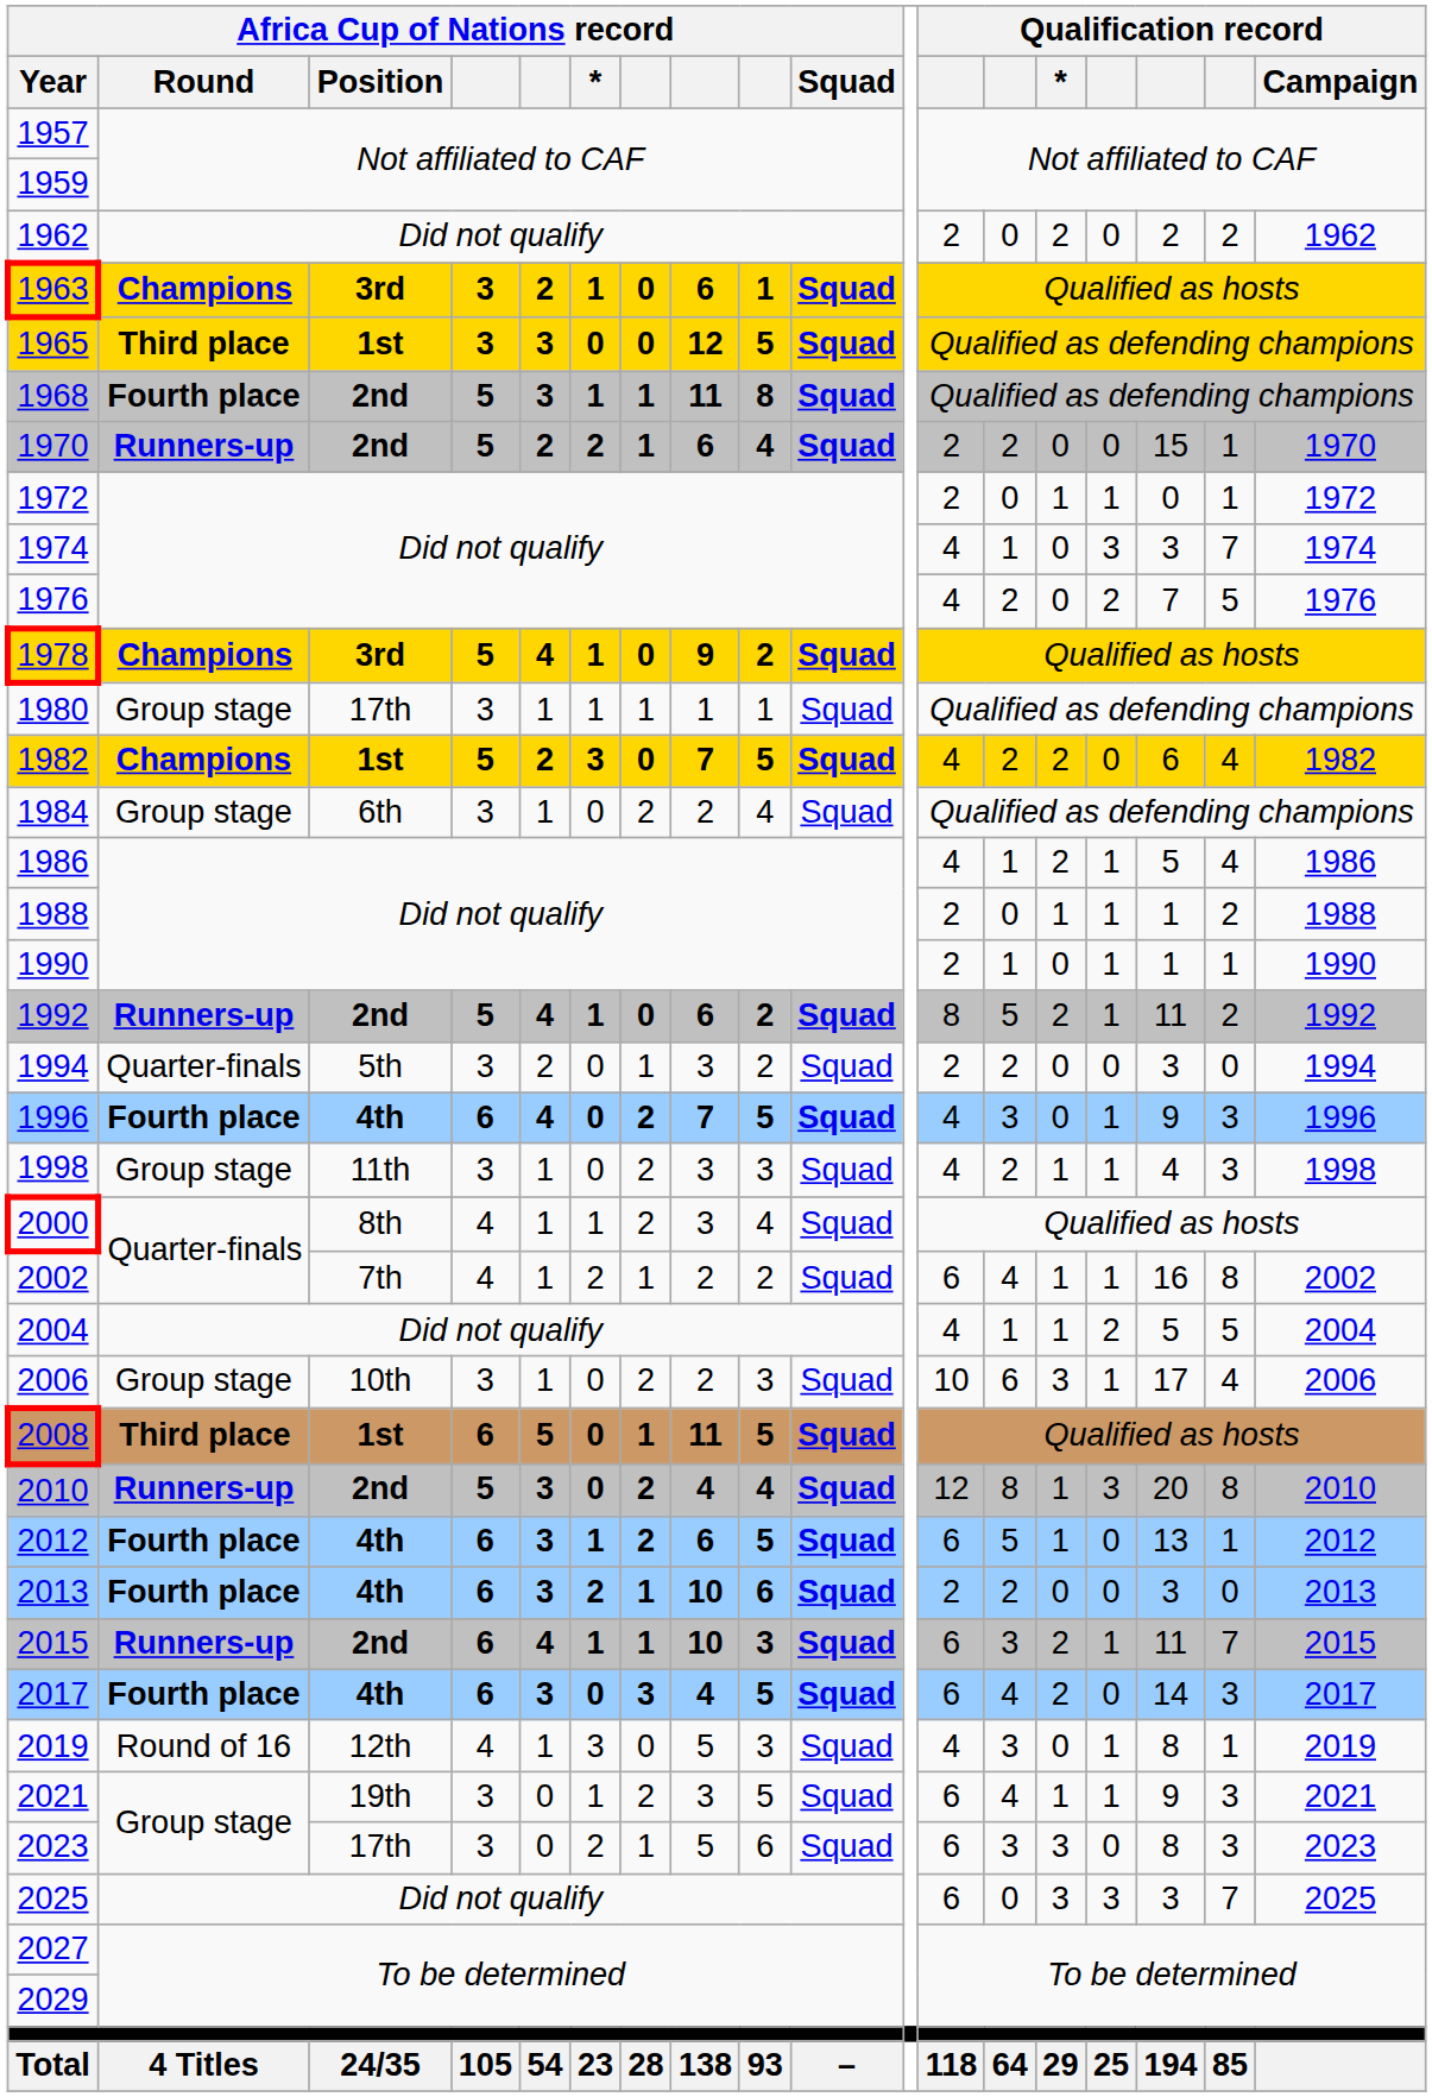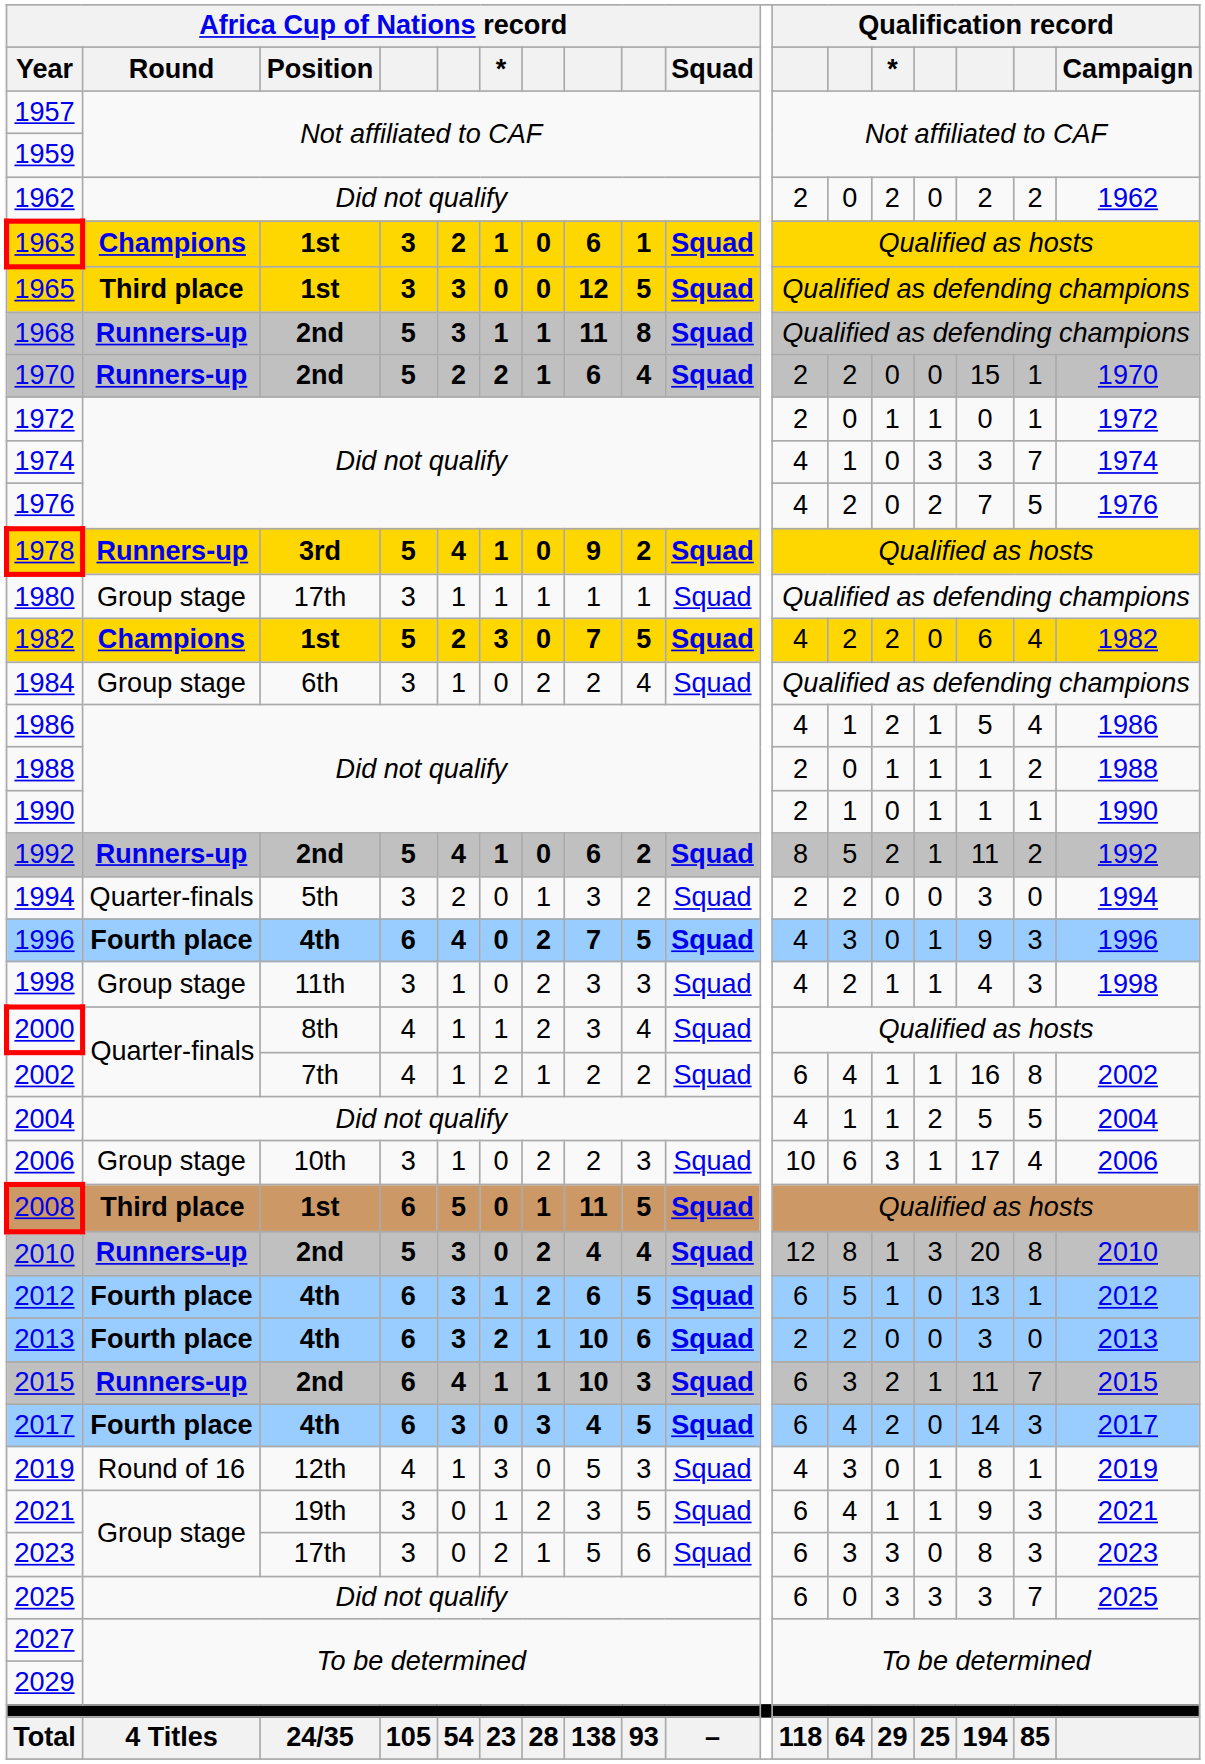 <table class="wikitable" style="text-align: center; left:100%">
 <tr>
 <th colspan=10><a href='#'>Africa Cup of Nations</a> record</th>
 <th rowspan=41 style="background:white"></th>
 <th colspan=9>Qualification record</th>
 </tr>
 <tr>
 <th>Year</th>
 <th>Round</th>
 <th>Position</th>
 <th></th>
 <th></th>
 <th>*</th>
 <th></th>
 <th></th>
 <th></th>
 <th>Squad</th>
 <th></th>
 <th></th>
 <th>*</th>
 <th></th>
 <th></th>
 <th></th>
 <th>Campaign</th>
 </tr>
 <tr>
 <td> <a href='#'>1957</a></td>
 <td colspan=9 rowspan=2><em>Not affiliated to CAF</em></td>
 <td colspan=8 rowspan=2><em>Not affiliated to CAF</em></td>
 </tr>
 <tr>
 <td> <a href='#'>1959</a></td>
 </tr>
 <tr>
 <td> <a href='#'>1962</a></td>
 <td colspan=9><em>Did not qualify</em></td>
 <td>2</td>
 <td>0</td>
 <td>2</td>
 <td>0</td>
 <td>2</td>
 <td>2</td>
 <td><a href='#'>1962</a></td>
 </tr>
 <tr bgcolor=gold>
 <td style="border: 3px solid red"> <a href='#'>1963</a></td>
 <td><strong><a href='#'>Champions</a></strong></td>
-<td><strong>3rd</strong></td>
+<td><strong>1st</strong></td>
 <td><strong>3</strong></td>
 <td><strong>2</strong></td>
 <td><strong>1</strong></td>
 <td><strong>0</strong></td>
 <td><strong>6</strong></td>
 <td><strong>1</strong></td>
 <td><strong><a href='#'>Squad</a></strong></td>
 <td colspan=9><em> Qualified as hosts</em></td>
 </tr>
 <tr bgcolor=gold>
 <td> <a href='#'>1965</a></td>
 <td><strong>Third place</strong></td>
 <td><strong>1st</strong></td>
 <td><strong>3</strong></td>
 <td><strong>3</strong></td>
 <td><strong>0</strong></td>
 <td><strong>0</strong></td>
 <td><strong>12</strong></td>
 <td><strong>5</strong></td>
 <td><strong><a href='#'>Squad</a></strong></td>
 <td colspan=9><em>Qualified as defending champions</em></td>
 </tr>
 <tr bgcolor=silver>
 <td> <a href='#'>1968</a></td>
-<td><strong>Fourth place</strong></td>
+<td><strong><a href='#'>Runners-up</a></strong></td>
 <td><strong>2nd</strong></td>
 <td><strong>5</strong></td>
 <td><strong>3</strong></td>
 <td><strong>1</strong></td>
 <td><strong>1</strong></td>
 <td><strong>11</strong></td>
 <td><strong>8</strong></td>
 <td><strong><a href='#'>Squad</a></strong></td>
 <td colspan=9><em>Qualified as defending champions</em></td>
 </tr>
 <tr bgcolor=silver>
 <td> <a href='#'>1970</a></td>
 <td><strong><a href='#'>Runners-up</a></strong></td>
 <td><strong>2nd</strong></td>
 <td><strong>5</strong></td>
 <td><strong>2</strong></td>
 <td><strong>2</strong></td>
 <td><strong>1</strong></td>
 <td><strong>6</strong></td>
 <td><strong>4</strong></td>
 <td><strong><a href='#'>Squad</a></strong></td>
 <td>2</td>
 <td>2</td>
 <td>0</td>
 <td>0</td>
 <td>15</td>
 <td>1</td>
 <td><a href='#'>1970</a></td>
 </tr>
 <tr>
 <td> <a href='#'>1972</a></td>
 <td colspan=9 rowspan=3><em>Did not qualify</em></td>
 <td>2</td>
 <td>0</td>
 <td>1</td>
 <td>1</td>
 <td>0</td>
 <td>1</td>
 <td><a href='#'>1972</a></td>
 </tr>
 <tr>
 <td> <a href='#'>1974</a></td>
 <td>4</td>
 <td>1</td>
 <td>0</td>
 <td>3</td>
 <td>3</td>
 <td>7</td>
 <td><a href='#'>1974</a></td>
 </tr>
 <tr>
 <td> <a href='#'>1976</a></td>
 <td>4</td>
 <td>2</td>
 <td>0</td>
 <td>2</td>
 <td>7</td>
 <td>5</td>
 <td><a href='#'>1976</a></td>
 </tr>
 <tr bgcolor=gold>
 <td style="border: 3px solid red"> <a href='#'>1978</a></td>
-<td><strong><a href='#'>Champions</a></strong></td>
+<td><strong><a href='#'>Runners-up</a></strong></td>
 <td><strong>3rd</strong></td>
 <td><strong>5</strong></td>
 <td><strong>4</strong></td>
 <td><strong>1</strong></td>
 <td><strong>0</strong></td>
 <td><strong>9</strong></td>
 <td><strong>2</strong></td>
 <td><strong><a href='#'>Squad</a></strong></td>
 <td colspan=9><em>Qualified as hosts</em></td>
 </tr>
 <tr>
 <td> <a href='#'>1980</a></td>
 <td>Group stage</td>
 <td>17th</td>
 <td>3</td>
 <td>1</td>
 <td>1</td>
 <td>1</td>
 <td>1</td>
 <td>1</td>
 <td><a href='#'>Squad</a></td>
 <td colspan=9><em>Qualified as defending champions</em></td>
 </tr>
 <tr bgcolor=gold>
 <td> <a href='#'>1982</a></td>
 <td><strong><a href='#'>Champions</a></strong></td>
 <td><strong>1st</strong></td>
 <td><strong>5</strong></td>
 <td><strong>2</strong></td>
 <td><strong>3</strong></td>
 <td><strong>0</strong></td>
 <td><strong>7</strong></td>
 <td><strong>5</strong></td>
 <td><strong><a href='#'>Squad</a></strong></td>
 <td>4</td>
 <td>2</td>
 <td>2</td>
 <td>0</td>
 <td>6</td>
 <td>4</td>
 <td><a href='#'>1982</a></td>
 </tr>
 <tr>
 <td> <a href='#'>1984</a></td>
 <td>Group stage</td>
 <td>6th</td>
 <td>3</td>
 <td>1</td>
 <td>0</td>
 <td>2</td>
 <td>2</td>
 <td>4</td>
 <td><a href='#'>Squad</a></td>
 <td colspan=9><em>Qualified as defending champions</em></td>
 </tr>
 <tr>
 <td> <a href='#'>1986</a></td>
 <td colspan=9 rowspan=3><em>Did not qualify</em></td>
 <td>4</td>
 <td>1</td>
 <td>2</td>
 <td>1</td>
 <td>5</td>
 <td>4</td>
 <td><a href='#'>1986</a></td>
 </tr>
 <tr>
 <td> <a href='#'>1988</a></td>
 <td>2</td>
 <td>0</td>
 <td>1</td>
 <td>1</td>
 <td>1</td>
 <td>2</td>
 <td><a href='#'>1988</a></td>
 </tr>
 <tr>
 <td> <a href='#'>1990</a></td>
 <td>2</td>
 <td>1</td>
 <td>0</td>
 <td>1</td>
 <td>1</td>
 <td>1</td>
 <td><a href='#'>1990</a></td>
 </tr>
 <tr bgcolor=silver>
 <td> <a href='#'>1992</a></td>
 <td><strong><a href='#'>Runners-up</a></strong></td>
 <td><strong>2nd</strong></td>
 <td><strong>5</strong></td>
 <td><strong>4</strong></td>
 <td><strong>1</strong></td>
 <td><strong>0</strong></td>
 <td><strong>6</strong></td>
 <td><strong>2</strong></td>
 <td><strong><a href='#'>Squad</a></strong></td>
 <td>8</td>
 <td>5</td>
 <td>2</td>
 <td>1</td>
 <td>11</td>
 <td>2</td>
 <td><a href='#'>1992</a></td>
 </tr>
 <tr>
 <td> <a href='#'>1994</a></td>
 <td>Quarter-finals</td>
 <td>5th</td>
 <td>3</td>
 <td>2</td>
 <td>0</td>
 <td>1</td>
 <td>3</td>
 <td>2</td>
 <td><a href='#'>Squad</a></td>
 <td>2</td>
 <td>2</td>
 <td>0</td>
 <td>0</td>
 <td>3</td>
 <td>0</td>
 <td><a href='#'>1994</a></td>
 </tr>
 <tr bgcolor="#9acdff">
 <td> <a href='#'>1996</a></td>
 <td><strong>Fourth place</strong></td>
 <td><strong>4th</strong></td>
 <td><strong>6</strong></td>
 <td><strong>4</strong></td>
 <td><strong>0</strong></td>
 <td><strong>2</strong></td>
 <td><strong>7</strong></td>
 <td><strong>5</strong></td>
 <td><strong><a href='#'>Squad</a></strong></td>
 <td>4</td>
 <td>3</td>
 <td>0</td>
 <td>1</td>
 <td>9</td>
 <td>3</td>
 <td><a href='#'>1996</a></td>
 </tr>
 <tr>
 <td> <a href='#'>1998</a></td>
 <td>Group stage</td>
 <td>11th</td>
 <td>3</td>
 <td>1</td>
 <td>0</td>
 <td>2</td>
 <td>3</td>
 <td>3</td>
 <td><a href='#'>Squad</a></td>
 <td>4</td>
 <td>2</td>
 <td>1</td>
 <td>1</td>
 <td>4</td>
 <td>3</td>
 <td><a href='#'>1998</a></td>
 </tr>
 <tr>
 <td style="border: 3px solid red">  <a href='#'>2000</a></td>
 <td rowspan=2>Quarter-finals</td>
 <td>8th</td>
 <td>4</td>
 <td>1</td>
 <td>1</td>
 <td>2</td>
 <td>3</td>
 <td>4</td>
 <td><a href='#'>Squad</a></td>
 <td colspan=9><em>Qualified as hosts</em></td>
 </tr>
 <tr>
 <td> <a href='#'>2002</a></td>
 <td>7th</td>
 <td>4</td>
 <td>1</td>
 <td>2</td>
 <td>1</td>
 <td>2</td>
 <td>2</td>
 <td><a href='#'>Squad</a></td>
 <td>6</td>
 <td>4</td>
 <td>1</td>
 <td>1</td>
 <td>16</td>
 <td>8</td>
 <td><a href='#'>2002</a></td>
 </tr>
 <tr>
 <td> <a href='#'>2004</a></td>
 <td colspan=9><em>Did not qualify</em></td>
 <td>4</td>
 <td>1</td>
 <td>1</td>
 <td>2</td>
 <td>5</td>
 <td>5</td>
 <td><a href='#'>2004</a></td>
 </tr>
 <tr>
 <td> <a href='#'>2006</a></td>
 <td>Group stage</td>
 <td>10th</td>
 <td>3</td>
 <td>1</td>
 <td>0</td>
 <td>2</td>
 <td>2</td>
 <td>3</td>
 <td><a href='#'>Squad</a></td>
 <td>10</td>
 <td>6</td>
 <td>3</td>
 <td>1</td>
 <td>17</td>
 <td>4</td>
 <td><a href='#'>2006</a></td>
 </tr>
 <tr bgcolor="#cc9966">
 <td style="border: 3px solid red"> <a href='#'>2008</a></td>
 <td><strong>Third place</strong></td>
 <td><strong>1st</strong></td>
 <td><strong>6</strong></td>
 <td><strong>5</strong></td>
 <td><strong>0</strong></td>
 <td><strong>1</strong></td>
 <td><strong>11</strong></td>
 <td><strong>5</strong></td>
 <td><strong><a href='#'>Squad</a></strong></td>
 <td colspan=9><em>Qualified as hosts</em></td>
 </tr>
 <tr bgcolor=silver>
 <td> <a href='#'>2010</a></td>
 <td><strong><a href='#'>Runners-up</a></strong></td>
 <td><strong>2nd</strong></td>
 <td><strong>5</strong></td>
 <td><strong>3</strong></td>
 <td><strong>0</strong></td>
 <td><strong>2</strong></td>
 <td><strong>4</strong></td>
 <td><strong>4</strong></td>
 <td><strong><a href='#'>Squad</a></strong></td>
 <td>12</td>
 <td>8</td>
 <td>1</td>
 <td>3</td>
 <td>20</td>
 <td>8</td>
 <td><a href='#'>2010</a></td>
 </tr>
 <tr bgcolor="#9acdff">
 <td>  <a href='#'>2012</a></td>
 <td><strong>Fourth place</strong></td>
 <td><strong>4th</strong></td>
 <td><strong>6</strong></td>
 <td><strong>3</strong></td>
 <td><strong>1</strong></td>
 <td><strong>2</strong></td>
 <td><strong>6</strong></td>
 <td><strong>5</strong></td>
 <td><strong><a href='#'>Squad</a></strong></td>
 <td>6</td>
 <td>5</td>
 <td>1</td>
 <td>0</td>
 <td>13</td>
 <td>1</td>
 <td><a href='#'>2012</a></td>
 </tr>
 <tr bgcolor="#9acdff">
 <td> <a href='#'>2013</a></td>
 <td><strong>Fourth place</strong></td>
 <td><strong>4th</strong></td>
 <td><strong>6</strong></td>
 <td><strong>3</strong></td>
 <td><strong>2</strong></td>
 <td><strong>1</strong></td>
 <td><strong>10</strong></td>
 <td><strong>6</strong></td>
 <td><strong><a href='#'>Squad</a></strong></td>
 <td>2</td>
 <td>2</td>
 <td>0</td>
 <td>0</td>
 <td>3</td>
 <td>0</td>
 <td><a href='#'>2013</a></td>
 </tr>
 <tr bgcolor=silver>
 <td> <a href='#'>2015</a></td>
 <td><strong><a href='#'>Runners-up</a></strong></td>
 <td><strong>2nd</strong></td>
 <td><strong>6</strong></td>
 <td><strong>4</strong></td>
 <td><strong>1</strong></td>
 <td><strong>1</strong></td>
 <td><strong>10</strong></td>
 <td><strong>3</strong></td>
 <td><strong><a href='#'>Squad</a></strong></td>
 <td>6</td>
 <td>3</td>
 <td>2</td>
 <td>1</td>
 <td>11</td>
 <td>7</td>
 <td><a href='#'>2015</a></td>
 </tr>
 <tr bgcolor="#9acdff">
 <td> <a href='#'>2017</a></td>
 <td><strong>Fourth place</strong></td>
 <td><strong>4th</strong></td>
 <td><strong>6</strong></td>
 <td><strong>3</strong></td>
 <td><strong>0</strong></td>
 <td><strong>3</strong></td>
 <td><strong>4</strong></td>
 <td><strong>5</strong></td>
 <td><strong><a href='#'>Squad</a></strong></td>
 <td>6</td>
 <td>4</td>
 <td>2</td>
 <td>0</td>
 <td>14</td>
 <td>3</td>
 <td><a href='#'>2017</a></td>
 </tr>
 <tr>
 <td> <a href='#'>2019</a></td>
 <td>Round of 16</td>
 <td>12th</td>
 <td>4</td>
 <td>1</td>
 <td>3</td>
 <td>0</td>
 <td>5</td>
 <td>3</td>
 <td><a href='#'>Squad</a></td>
 <td>4</td>
 <td>3</td>
 <td>0</td>
 <td>1</td>
 <td>8</td>
 <td>1</td>
 <td><a href='#'>2019</a></td>
 </tr>
 <tr>
 <td> <a href='#'>2021</a></td>
 <td rowspan=2>Group stage</td>
 <td>19th</td>
 <td>3</td>
 <td>0</td>
 <td>1</td>
 <td>2</td>
 <td>3</td>
 <td>5</td>
 <td><a href='#'>Squad</a></td>
 <td>6</td>
 <td>4</td>
 <td>1</td>
 <td>1</td>
 <td>9</td>
 <td>3</td>
 <td><a href='#'>2021</a></td>
 </tr>
 <tr>
 <td> <a href='#'>2023</a></td>
 <td>17th</td>
 <td>3</td>
 <td>0</td>
 <td>2</td>
 <td>1</td>
 <td>5</td>
 <td>6</td>
 <td><a href='#'>Squad</a></td>
 <td>6</td>
 <td>3</td>
 <td>3</td>
 <td>0</td>
 <td>8</td>
 <td>3</td>
 <td><a href='#'>2023</a></td>
 </tr>
 <tr>
 <td> <a href='#'>2025</a></td>
 <td colspan=9><em>Did not qualify</em></td>
 <td>6</td>
 <td>0</td>
 <td>3</td>
 <td>3</td>
 <td>3</td>
 <td>7</td>
 <td><a href='#'>2025</a></td>
 </tr>
 <tr>
 <td>   <a href='#'>2027</a></td>
 <td colspan=9 rowspan=2><em>To be determined</em></td>
 <td colspan=8 rowspan=2><em>To be determined</em></td>
 </tr>
 <tr>
 <td> <a href='#'>2029</a></td>
 </tr>
 <tr>
 <td style="background:black" colspan=18></td>
 </tr>
 <tr>
 <th>Total</th>
 <th>4 Titles</th>
 <th>24/35</th>
 <th>105</th>
 <th>54</th>
 <th>23</th>
 <th>28</th>
 <th>138</th>
 <th>93</th>
 <th>–</th>
 <th>118</th>
 <th>64</th>
 <th>29</th>
 <th>25</th>
 <th>194</th>
 <th>85</th>
 <th></th>
 </tr>
 </table>
